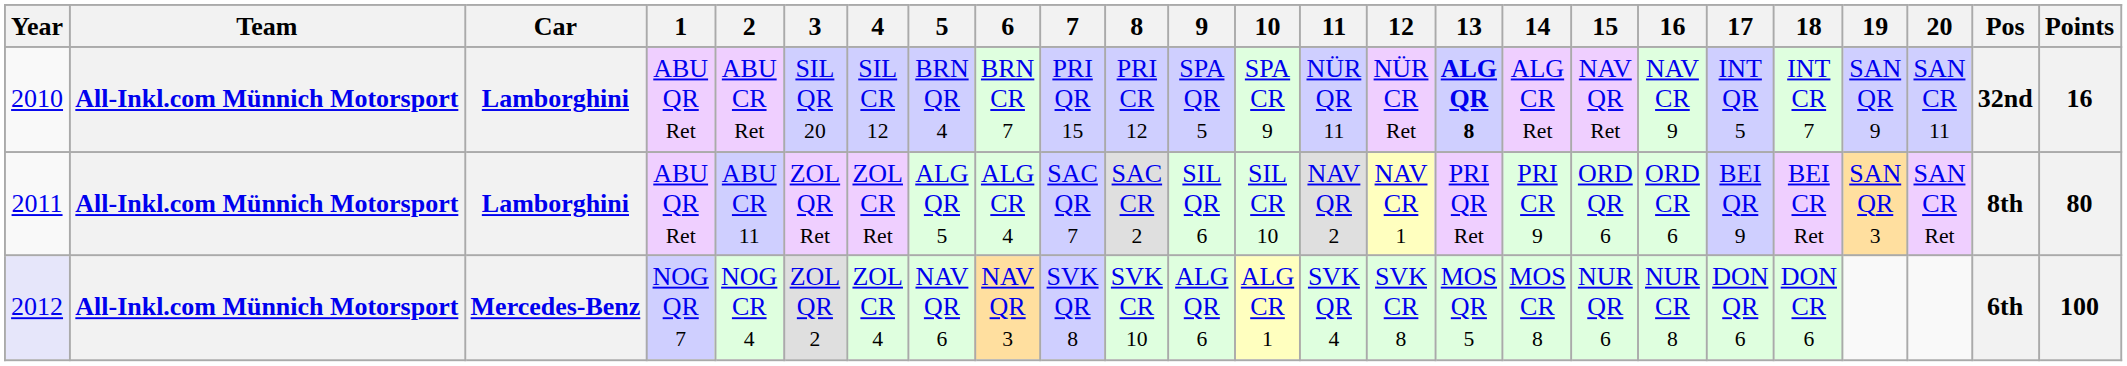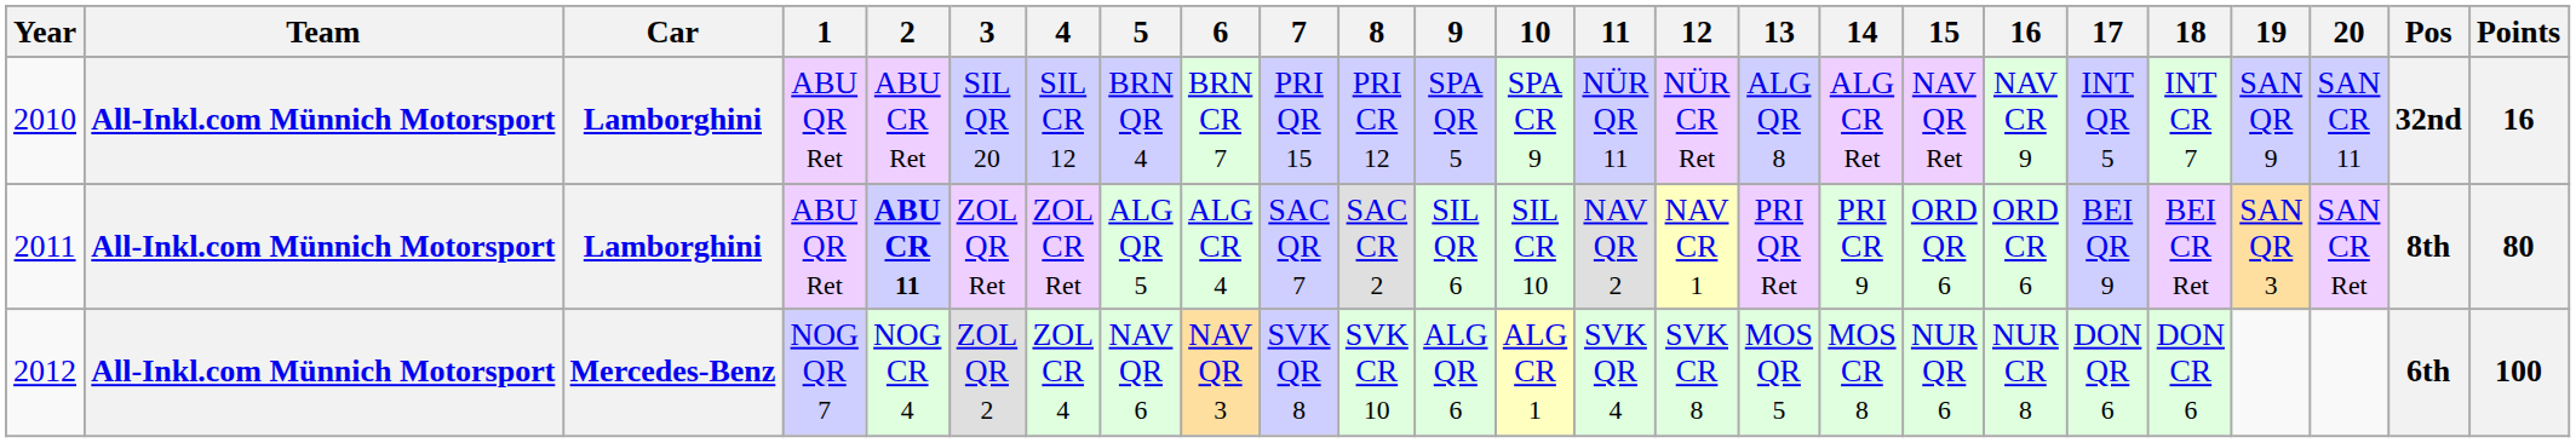 <table class="wikitable" border="1" style="text-align:center; font-size:85%;">
 <tr>
 <th>Year</th>
 <th>Team</th>
 <th>Car</th>
 <th>1</th>
 <th>2</th>
 <th>3</th>
 <th>4</th>
 <th>5</th>
 <th>6</th>
 <th>7</th>
 <th>8</th>
 <th>9</th>
 <th>10</th>
 <th>11</th>
 <th>12</th>
 <th>13</th>
 <th>14</th>
 <th>15</th>
 <th>16</th>
 <th>17</th>
 <th>18</th>
 <th>19</th>
 <th>20</th>
 <th>Pos</th>
 <th>Points</th>
 </tr>
 <tr>
 <td><a href='#'>2010</a></td>
 <th nowrap><a href='#'>All-Inkl.com Münnich Motorsport</a></th>
 <th><a href='#'>Lamborghini</a></th>
 <td style="background:#EFCFFF;"><a href='#'>ABU<br>QR</a><br><small>Ret<br></small></td>
 <td style="background:#EFCFFF;"><a href='#'>ABU<br>CR</a><br><small>Ret<br></small></td>
 <td style="background:#CFCFFF;"><a href='#'>SIL<br>QR</a><br><small>20<br></small></td>
 <td style="background:#CFCFFF;"><a href='#'>SIL<br>CR</a><br><small>12<br></small></td>
 <td style="background:#CFCFFF;"><a href='#'>BRN<br>QR</a><br><small>4<br></small></td>
 <td style="background:#DFFFDF;"><a href='#'>BRN<br>CR</a><br><small>7<br></small></td>
 <td style="background:#CFCFFF;"><a href='#'>PRI<br>QR</a><br><small>15<br></small></td>
 <td style="background:#CFCFFF;"><a href='#'>PRI<br>CR</a><br><small>12<br></small></td>
 <td style="background:#CFCFFF;"><a href='#'>SPA<br>QR</a><br><small>5<br></small></td>
 <td style="background:#DFFFDF;"><a href='#'>SPA<br>CR</a><br><small>9<br></small></td>
 <td style="background:#CFCFFF;"><a href='#'>NÜR<br>QR</a><br><small>11<br></small></td>
 <td style="background:#EFCFFF;"><a href='#'>NÜR<br>CR</a><br><small>Ret<br></small></td>
-<td style="background:#CFCFFF;"><strong><a href='#'>ALG<br>QR</a><br><small>8<br></small></strong></td>
+<td style="background:#CFCFFF;"><a href='#'>ALG<br>QR</a><br><small>8<br></small></td>
 <td style="background:#EFCFFF;"><a href='#'>ALG<br>CR</a><br><small>Ret<br></small></td>
 <td style="background:#EFCFFF;"><a href='#'>NAV<br>QR</a><br><small>Ret<br></small></td>
 <td style="background:#DFFFDF;"><a href='#'>NAV<br>CR</a><br><small>9<br></small></td>
 <td style="background:#CFCFFF;"><a href='#'>INT<br>QR</a><br><small>5<br></small></td>
 <td style="background:#DFFFDF;"><a href='#'>INT<br>CR</a><br><small>7<br></small></td>
 <td style="background:#CFCFFF;"><a href='#'>SAN<br>QR</a><br><small>9<br></small></td>
 <td style="background:#CFCFFF;"><a href='#'>SAN<br>CR</a><br><small>11<br></small></td>
 <th>32nd</th>
 <th>16</th>
 </tr>
 <tr>
 <td><a href='#'>2011</a></td>
 <th nowrap><a href='#'>All-Inkl.com Münnich Motorsport</a></th>
 <th><a href='#'>Lamborghini</a></th>
 <td style="background:#EFCFFF;"><a href='#'>ABU<br>QR</a><br><small>Ret<br></small></td>
-<td style="background:#CFCFFF;"><a href='#'>ABU<br>CR</a><br><small>11<br></small></td>
+<td style="background:#CFCFFF;"><strong><a href='#'>ABU<br>CR</a><br><small>11<br></small></strong></td>
 <td style="background:#EFCFFF;"><a href='#'>ZOL<br>QR</a><br><small>Ret<br></small></td>
 <td style="background:#EFCFFF;"><a href='#'>ZOL<br>CR</a><br><small>Ret<br></small></td>
 <td style="background:#DFFFDF;"><a href='#'>ALG<br>QR</a><br><small>5<br></small></td>
 <td style="background:#DFFFDF;"><a href='#'>ALG<br>CR</a><br><small>4<br></small></td>
 <td style="background:#CFCFFF;"><a href='#'>SAC<br>QR</a><br><small>7<br></small></td>
 <td style="background:#DFDFDF;"><a href='#'>SAC<br>CR</a><br><small>2<br></small></td>
 <td style="background:#DFFFDF;"><a href='#'>SIL<br>QR</a><br><small>6<br></small></td>
 <td style="background:#DFFFDF;"><a href='#'>SIL<br>CR</a><br><small>10<br></small></td>
 <td style="background:#DFDFDF;"><a href='#'>NAV<br>QR</a><br><small>2<br></small></td>
 <td style="background:#FFFFBF;"><a href='#'>NAV<br>CR</a><br><small>1<br></small></td>
 <td style="background:#EFCFFF;"><a href='#'>PRI<br>QR</a><br><small>Ret<br></small></td>
 <td style="background:#DFFFDF;"><a href='#'>PRI<br>CR</a><br><small>9<br></small></td>
 <td style="background:#DFFFDF;"><a href='#'>ORD<br>QR</a><br><small>6<br></small></td>
 <td style="background:#DFFFDF;"><a href='#'>ORD<br>CR</a><br><small>6<br></small></td>
 <td style="background:#CFCFFF;"><a href='#'>BEI<br>QR</a><br><small>9<br></small></td>
 <td style="background:#EFCFFF;"><a href='#'>BEI<br>CR</a><br><small>Ret<br></small></td>
 <td style="background:#FFDF9F;"><a href='#'>SAN<br>QR</a><br><small>3<br></small></td>
 <td style="background:#EFCFFF;"><a href='#'>SAN<br>CR</a><br><small>Ret<br></small></td>
 <th>8th</th>
 <th>80</th>
 </tr>
 <tr>
-<td style="background: lavender;"><a href='#'>2012</a></td>
+<td><a href='#'>2012</a></td>
 <th nowrap><a href='#'>All-Inkl.com Münnich Motorsport</a></th>
 <th nowrap><a href='#'>Mercedes-Benz</a></th>
 <td style="background:#CFCFFF;"><a href='#'>NOG<br>QR</a><br><small>7<br></small></td>
 <td style="background:#DFFFDF;"><a href='#'>NOG<br>CR</a><br><small>4<br></small></td>
 <td style="background:#DFDFDF;"><a href='#'>ZOL<br>QR</a><br><small>2<br></small></td>
 <td style="background:#DFFFDF;"><a href='#'>ZOL<br>CR</a><br><small>4<br></small></td>
 <td style="background:#DFFFDF;"><a href='#'>NAV<br>QR</a><br><small>6<br></small></td>
 <td style="background:#FFDF9F;"><a href='#'>NAV<br>QR</a><br><small>3<br></small></td>
 <td style="background:#CFCFFF;"><a href='#'>SVK<br>QR</a><br><small>8<br></small></td>
 <td style="background:#DFFFDF;"><a href='#'>SVK<br>CR</a><br><small>10<br></small></td>
 <td style="background:#DFFFDF;"><a href='#'>ALG<br>QR</a><br><small>6<br></small></td>
 <td style="background:#FFFFBF;"><a href='#'>ALG<br>CR</a><br><small>1<br></small></td>
 <td style="background:#DFFFDF;"><a href='#'>SVK<br>QR</a><br><small>4<br></small></td>
 <td style="background:#DFFFDF;"><a href='#'>SVK<br>CR</a><br><small>8<br></small></td>
 <td style="background:#DFFFDF;"><a href='#'>MOS<br>QR</a><br><small>5<br></small></td>
 <td style="background:#DFFFDF;"><a href='#'>MOS<br>CR</a><br><small>8<br></small></td>
 <td style="background:#DFFFDF;"><a href='#'>NUR<br>QR</a><br><small>6<br></small></td>
 <td style="background:#DFFFDF;"><a href='#'>NUR<br>CR</a><br><small>8<br></small></td>
 <td style="background:#DFFFDF;"><a href='#'>DON<br>QR</a><br><small>6<br></small></td>
 <td style="background:#DFFFDF;"><a href='#'>DON<br>CR</a><br><small>6<br></small></td>
 <td></td>
 <td></td>
 <th>6th</th>
 <th>100</th>
 </tr>
 </table>
